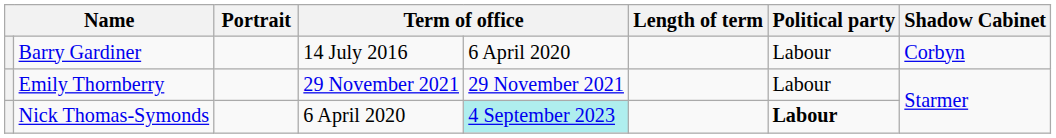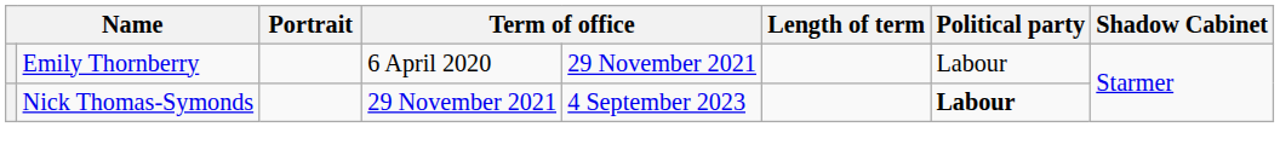 <table class="wikitable">
 <tr>
 <th colspan=2>Name</th>
 <th width=60>Portrait</th>
 <th colspan=2>Term of office</th>
 <th>Length of term</th>
 <th>Political party</th>
 <th>Shadow Cabinet</th>
 </tr>
 <tr>
 <th style="background-color: "></th>
-<td><a href='#'>Barry Gardiner</a></td>
-<td></td>
-<td>14 July 2016</td>
-<td>6 April 2020</td>
-<td></td>
-<td>Labour</td>
-<td><a href='#'>Corbyn</a></td>
-</tr>
-<tr>
-<th style="background-color: "></th>
 <td><a href='#'>Emily Thornberry</a></td>
 <td></td>
-<td><a href='#'>29 November 2021</a></td>
+<td>6 April 2020</td>
 <td><a href='#'>29 November 2021</a></td>
 <td></td>
 <td>Labour</td>
 <td rowspan="2"><a href='#'>Starmer</a></td>
 </tr>
 <tr>
 <th style="background-color: "></th>
 <td><a href='#'>Nick Thomas-Symonds</a></td>
 <td></td>
-<td>6 April 2020</td>
-<td style="background: paleturquoise;"><a href='#'>4 September 2023</a></td>
+<td><a href='#'>29 November 2021</a></td>
+<td><a href='#'>4 September 2023</a></td>
 <td></td>
 <td><strong>Labour</strong></td>
 </tr>
 </table>
